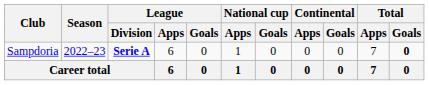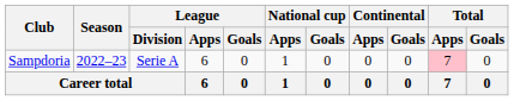 <table class="wikitable" style="text-align:center">
 <tr>
 <th rowspan="2">Club</th>
 <th rowspan="2">Season</th>
 <th colspan="3">League</th>
 <th colspan="2">National cup</th>
 <th colspan="2">Continental</th>
 <th colspan="2">Total</th>
 </tr>
 <tr>
 <th>Division</th>
 <th>Apps</th>
 <th>Goals</th>
 <th>Apps</th>
 <th>Goals</th>
 <th>Apps</th>
 <th>Goals</th>
 <th>Apps</th>
 <th>Goals</th>
 </tr>
 <tr>
 <td><a href='#'>Sampdoria</a></td>
 <td><a href='#'>2022–23</a></td>
-<td><strong><a href='#'>Serie A</a></strong></td>
+<td><a href='#'>Serie A</a></td>
 <td>6</td>
 <td>0</td>
 <td>1</td>
 <td>0</td>
 <td>0</td>
 <td>0</td>
-<td>7</td>
-<td><strong>0</strong></td>
+<td style="background: pink;">7</td>
+<td>0</td>
 </tr>
 <tr>
 <th colspan="3">Career total</th>
 <th>6</th>
 <th>0</th>
 <th>1</th>
 <th>0</th>
 <th>0</th>
 <th>0</th>
 <th>7</th>
 <th>0</th>
 </tr>
 </table>
